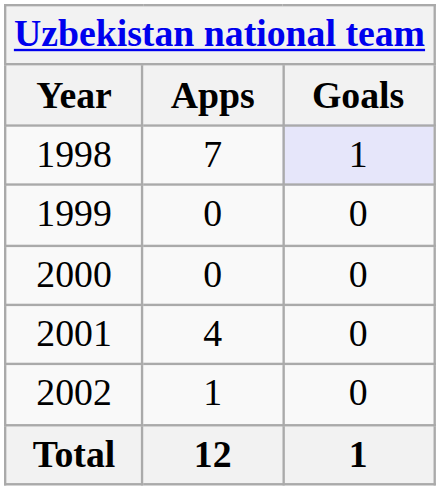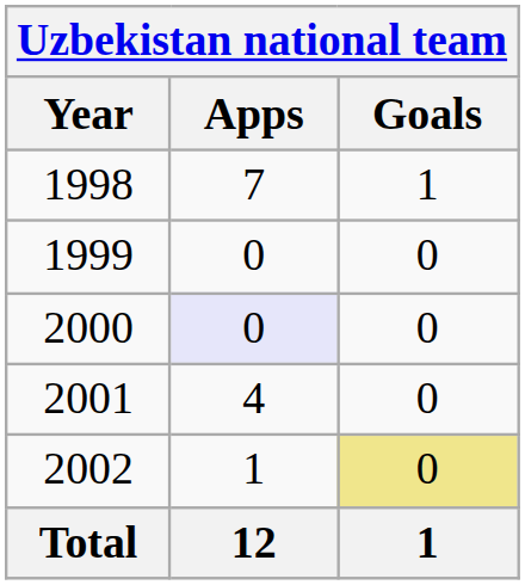 <table class="wikitable" style="text-align:center">
 <tr>
 <th colspan=3><a href='#'>Uzbekistan national team</a></th>
 </tr>
 <tr>
 <th>Year</th>
 <th>Apps</th>
 <th>Goals</th>
 </tr>
 <tr>
 <td>1998</td>
 <td>7</td>
-<td style="background: lavender;">1</td>
+<td>1</td>
 </tr>
 <tr>
 <td>1999</td>
 <td>0</td>
 <td>0</td>
 </tr>
 <tr>
 <td>2000</td>
-<td>0</td>
+<td style="background: lavender;">0</td>
 <td>0</td>
 </tr>
 <tr>
 <td>2001</td>
 <td>4</td>
 <td>0</td>
 </tr>
 <tr>
 <td>2002</td>
 <td>1</td>
-<td>0</td>
+<td style="background: khaki;">0</td>
 </tr>
 <tr>
 <th>Total</th>
 <th>12</th>
 <th>1</th>
 </tr>
 </table>
